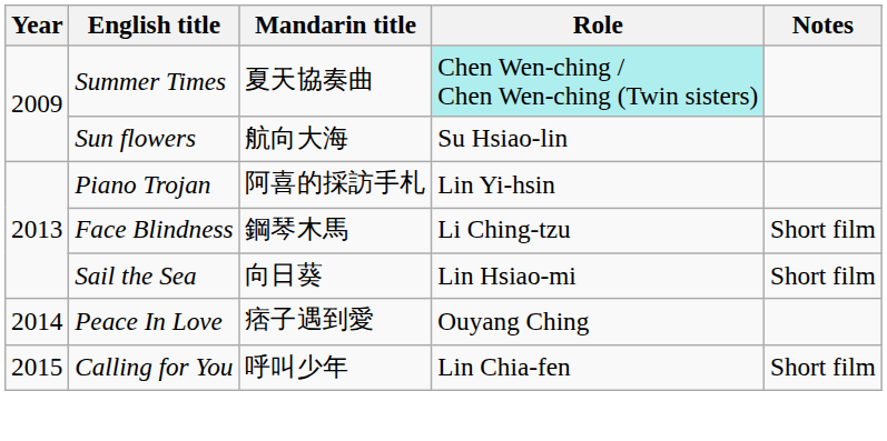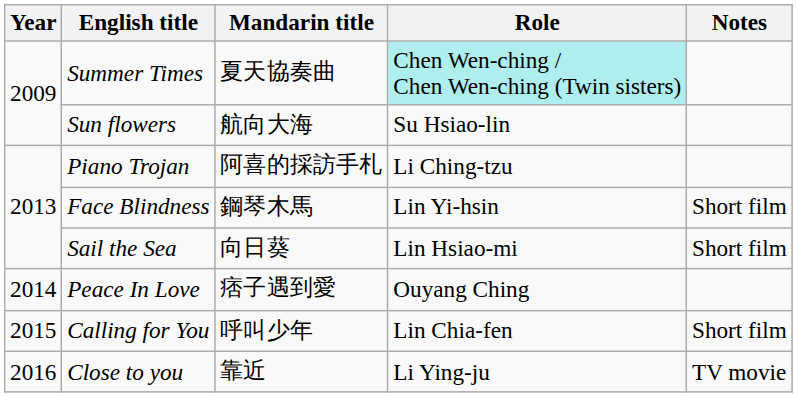 <table class="wikitable sortable">
 <tr>
 <th>Year</th>
 <th>English title</th>
 <th>Mandarin title</th>
 <th>Role</th>
 <th class="unsortable">Notes</th>
 </tr>
 <tr>
 <td rowspan="2">2009</td>
 <td><em>Summer Times</em></td>
 <td>夏天協奏曲</td>
 <td style="background: paleturquoise;">Chen Wen-ching /<br>Chen Wen-ching (Twin sisters)</td>
 <td></td>
 </tr>
 <tr>
 <td><em>Sun flowers</em></td>
 <td>航向大海</td>
 <td>Su Hsiao-lin</td>
 <td></td>
 </tr>
 <tr>
 <td rowspan="3">2013</td>
 <td><em>Piano Trojan</em></td>
 <td>阿喜的採訪手札</td>
-<td>Lin Yi-hsin</td>
+<td>Li Ching-tzu</td>
 <td></td>
 </tr>
 <tr>
 <td><em>Face Blindness</em></td>
 <td>鋼琴木馬</td>
-<td>Li Ching-tzu</td>
+<td>Lin Yi-hsin</td>
 <td>Short film</td>
 </tr>
 <tr>
 <td><em>Sail the Sea</em></td>
 <td>向日葵</td>
 <td>Lin Hsiao-mi</td>
 <td>Short film</td>
 </tr>
 <tr>
 <td>2014</td>
 <td><em>Peace In Love</em></td>
 <td>痞子遇到愛</td>
 <td>Ouyang Ching</td>
 <td></td>
 </tr>
 <tr>
 <td>2015</td>
 <td><em>Calling for You</em></td>
 <td>呼叫少年</td>
 <td>Lin Chia-fen</td>
 <td>Short film</td>
 </tr>
+<tr>
+<td>2016</td>
+<td><em>Close to you</em></td>
+<td>靠近</td>
+<td>Li Ying-ju</td>
+<td>TV movie</td>
+</tr>
 </table>
